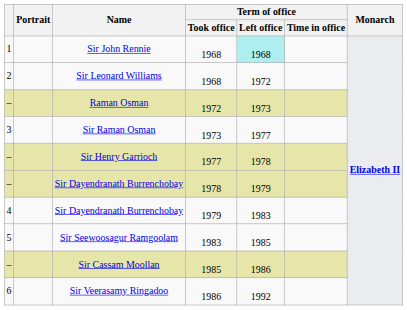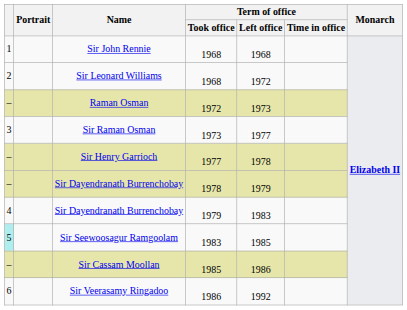 <table class="wikitable" style="text-align:center;">
 <tr>
 <th rowspan="2"></th>
 <th rowspan="2">Portrait</th>
 <th rowspan="2">Name<br></th>
 <th colspan="3">Term of office</th>
 <th rowspan="2">Monarch<br></th>
 </tr>
 <tr>
 <th>Took office</th>
 <th>Left office</th>
 <th>Time in office</th>
 </tr>
 <tr>
 <td>1</td>
 <td></td>
 <td><a href='#'>Sir John Rennie</a><br></td>
 <td><br>1968</td>
-<td style="background: paleturquoise;"><br>1968</td>
+<td><br>1968</td>
 <td></td>
 <td rowspan="10" style="background:#eaecf0"><br><strong><a href='#'>Elizabeth II</a></strong><br><br></td>
 </tr>
 <tr>
 <td>2</td>
 <td></td>
 <td><a href='#'>Sir Leonard Williams</a><br></td>
 <td><br>1968</td>
 <td><br>1972</td>
 <td></td>
 </tr>
 <tr style="background:#e6e6aa;">
 <td>–</td>
 <td></td>
 <td><a href='#'>Raman Osman</a><br></td>
 <td><br>1972</td>
 <td><br>1973</td>
 <td></td>
 </tr>
 <tr>
 <td>3</td>
 <td></td>
 <td><a href='#'>Sir Raman Osman</a><br></td>
 <td><br>1973</td>
 <td><br>1977</td>
 <td></td>
 </tr>
 <tr style="background:#e6e6aa;">
 <td>–</td>
 <td></td>
 <td><a href='#'>Sir Henry Garrioch</a><br></td>
 <td><br>1977</td>
 <td><br>1978</td>
 <td></td>
 </tr>
 <tr style="background:#e6e6aa;">
 <td>–</td>
 <td></td>
 <td><a href='#'>Sir Dayendranath Burrenchobay</a><br></td>
 <td><br>1978</td>
 <td><br>1979</td>
 <td></td>
 </tr>
 <tr>
 <td>4</td>
 <td></td>
 <td><a href='#'>Sir Dayendranath Burrenchobay</a><br></td>
 <td><br>1979</td>
 <td><br>1983</td>
 <td></td>
 </tr>
 <tr>
-<td>5</td>
+<td style="background: paleturquoise;">5</td>
 <td></td>
 <td><a href='#'>Sir Seewoosagur Ramgoolam</a><br></td>
 <td><br>1983</td>
 <td><br>1985</td>
 <td></td>
 </tr>
 <tr style="background:#e6e6aa;">
 <td>–</td>
 <td></td>
 <td><a href='#'>Sir Cassam Moollan</a><br></td>
 <td><br>1985</td>
 <td><br>1986</td>
 <td></td>
 </tr>
 <tr>
 <td>6</td>
 <td></td>
 <td><a href='#'>Sir Veerasamy Ringadoo</a><br></td>
 <td><br>1986</td>
 <td><br>1992</td>
 <td></td>
 </tr>
 </table>
